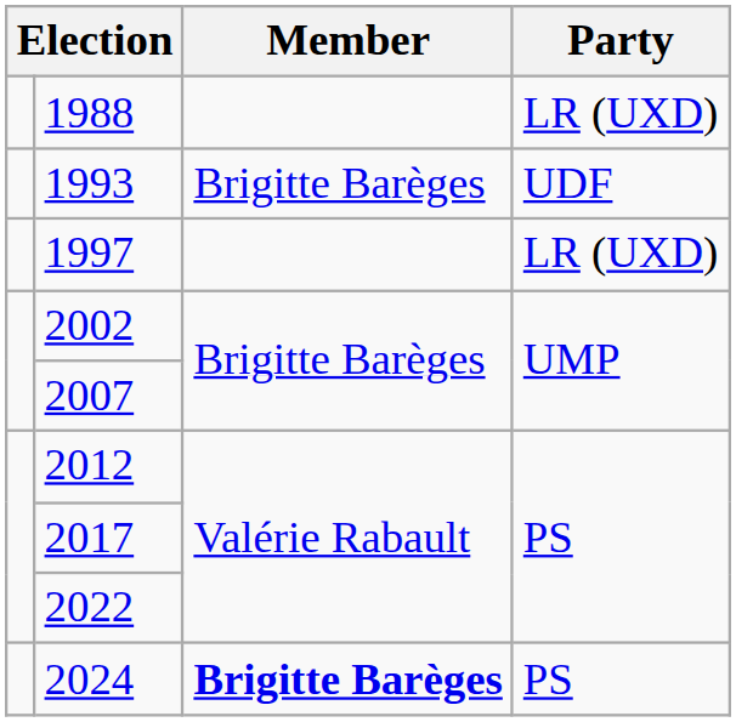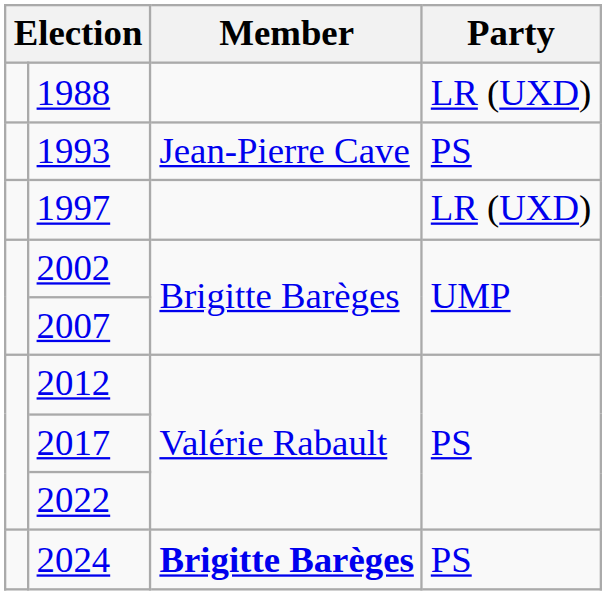 <table class="wikitable">
 <tr>
 <th colspan="2">Election</th>
 <th>Member</th>
 <th>Party</th>
 </tr>
 <tr>
 <td style="background-color: "></td>
 <td><a href='#'>1988</a></td>
 <td></td>
 <td><a href='#'>LR</a> (<a href='#'>UXD</a>)</td>
 </tr>
 <tr>
 <td style="background-color: "></td>
 <td><a href='#'>1993</a></td>
-<td><a href='#'>Brigitte Barèges</a></td>
-<td><a href='#'>UDF</a></td>
+<td><a href='#'>Jean-Pierre Cave</a></td>
+<td><a href='#'>PS</a></td>
 </tr>
 <tr>
 <td style="background-color: "></td>
 <td><a href='#'>1997</a></td>
 <td></td>
 <td><a href='#'>LR</a> (<a href='#'>UXD</a>)</td>
 </tr>
 <tr>
 <td rowspan="2" style="background-color: "></td>
 <td><a href='#'>2002</a></td>
 <td rowspan="2"><a href='#'>Brigitte Barèges</a></td>
 <td rowspan="2"><a href='#'>UMP</a></td>
 </tr>
 <tr>
 <td><a href='#'>2007</a></td>
 </tr>
 <tr>
 <td rowspan="3" style="background-color: "></td>
 <td><a href='#'>2012</a></td>
 <td rowspan="3"><a href='#'>Valérie Rabault</a></td>
 <td rowspan="3"><a href='#'>PS</a></td>
 </tr>
 <tr>
 <td><a href='#'>2017</a></td>
 </tr>
 <tr>
 <td><a href='#'>2022</a></td>
 </tr>
 <tr>
 <td style="background-color: "></td>
 <td><a href='#'>2024</a></td>
 <td><strong><a href='#'>Brigitte Barèges</a></strong></td>
 <td><a href='#'>PS</a></td>
 </tr>
 </table>
